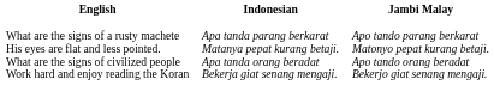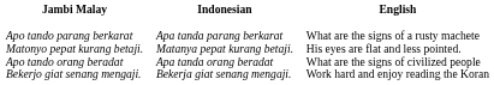 <table cellpadding="8">
 <tr>
+<th>Jambi Malay</th>
+<th>Indonesian</th>
 <th>English</th>
-<th>Indonesian</th>
-<th>Jambi Malay</th>
 </tr>
 <tr style="vertical-align:top; white-space:nowrap;">
+<td><em>Apo tando parang berkarat</em><br><em>Matonyo pepat kurang betaji.</em><br><em>Apo tando orang beradat</em><br><em>Bekerjo giat senang mengaji.</em></td>
+<td><em>Apa tanda parang berkarat</em><br><em>Matanya pepat kurang betaji.</em><br><em>Apa tanda orang beradat</em><br><em>Bekerja giat senang mengaji.</em></td>
 <td>What are the signs of a rusty machete<br>His eyes are flat and less pointed.<br>What are the signs of civilized people<br>Work hard and enjoy reading the Koran</td>
-<td><em>Apa tanda parang berkarat</em><br><em>Matanya pepat kurang betaji.</em><br><em>Apa tanda orang beradat</em><br><em>Bekerja giat senang mengaji.</em></td>
-<td><em>Apo tando parang berkarat</em><br><em>Matonyo pepat kurang betaji.</em><br><em>Apo tando orang beradat</em><br><em>Bekerjo giat senang mengaji.</em></td>
 </tr>
 </table>
